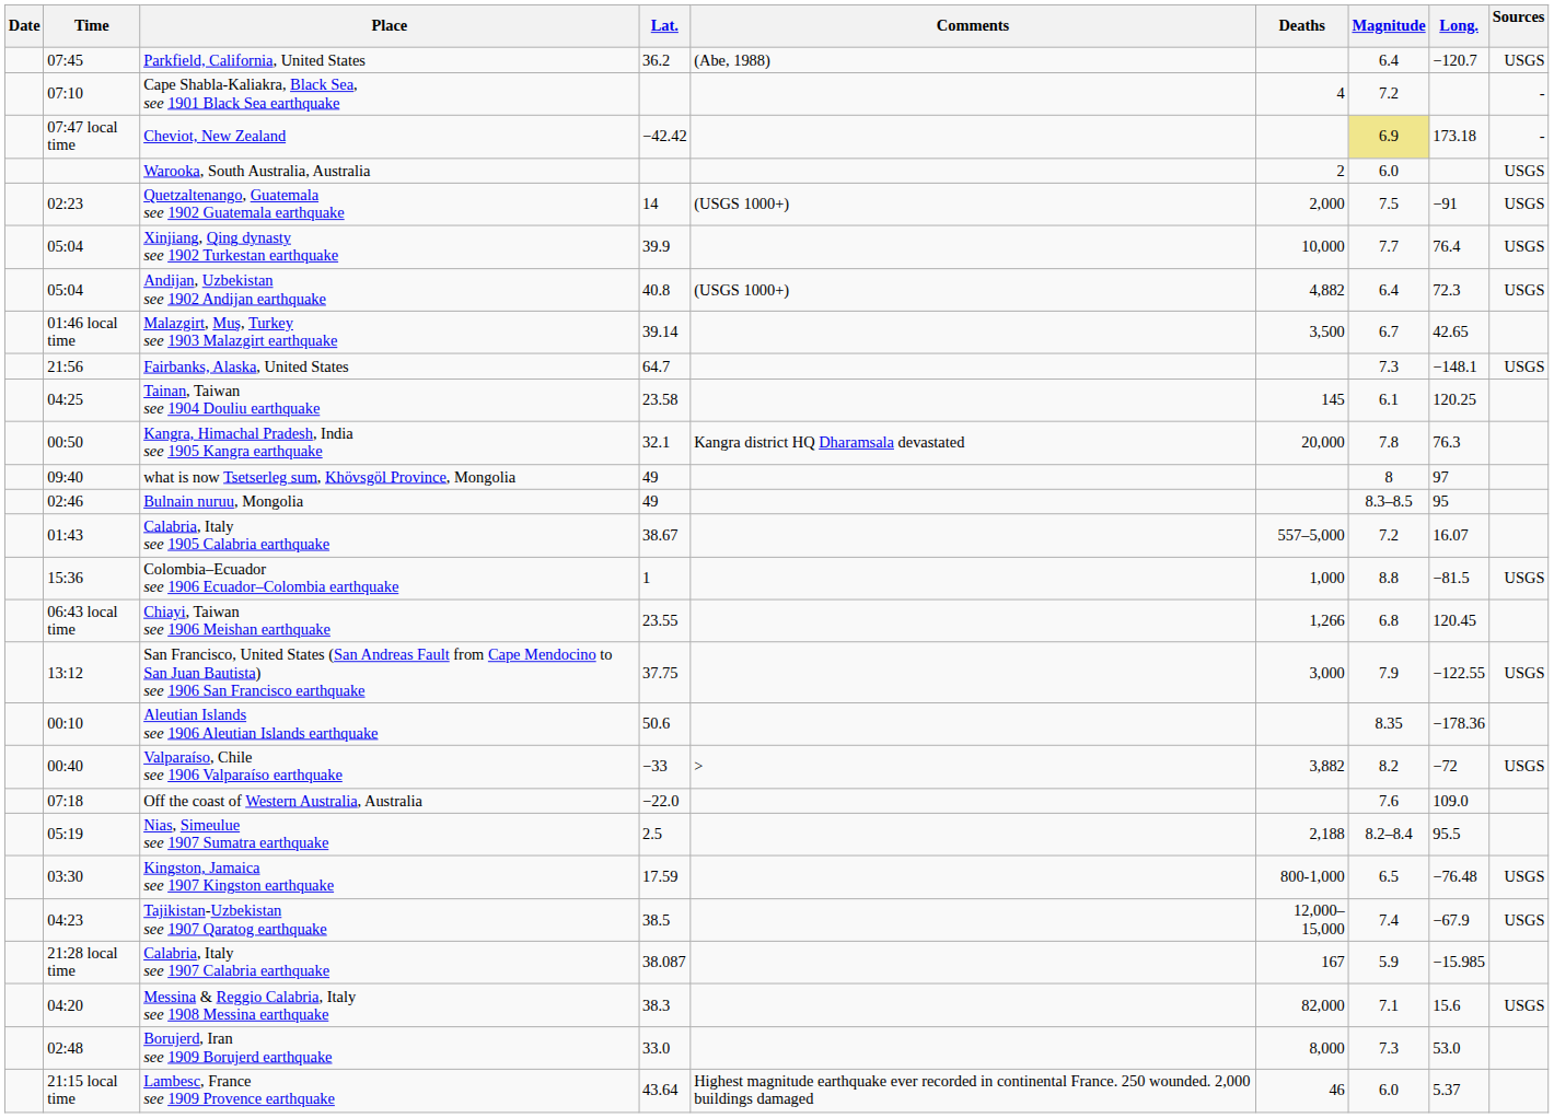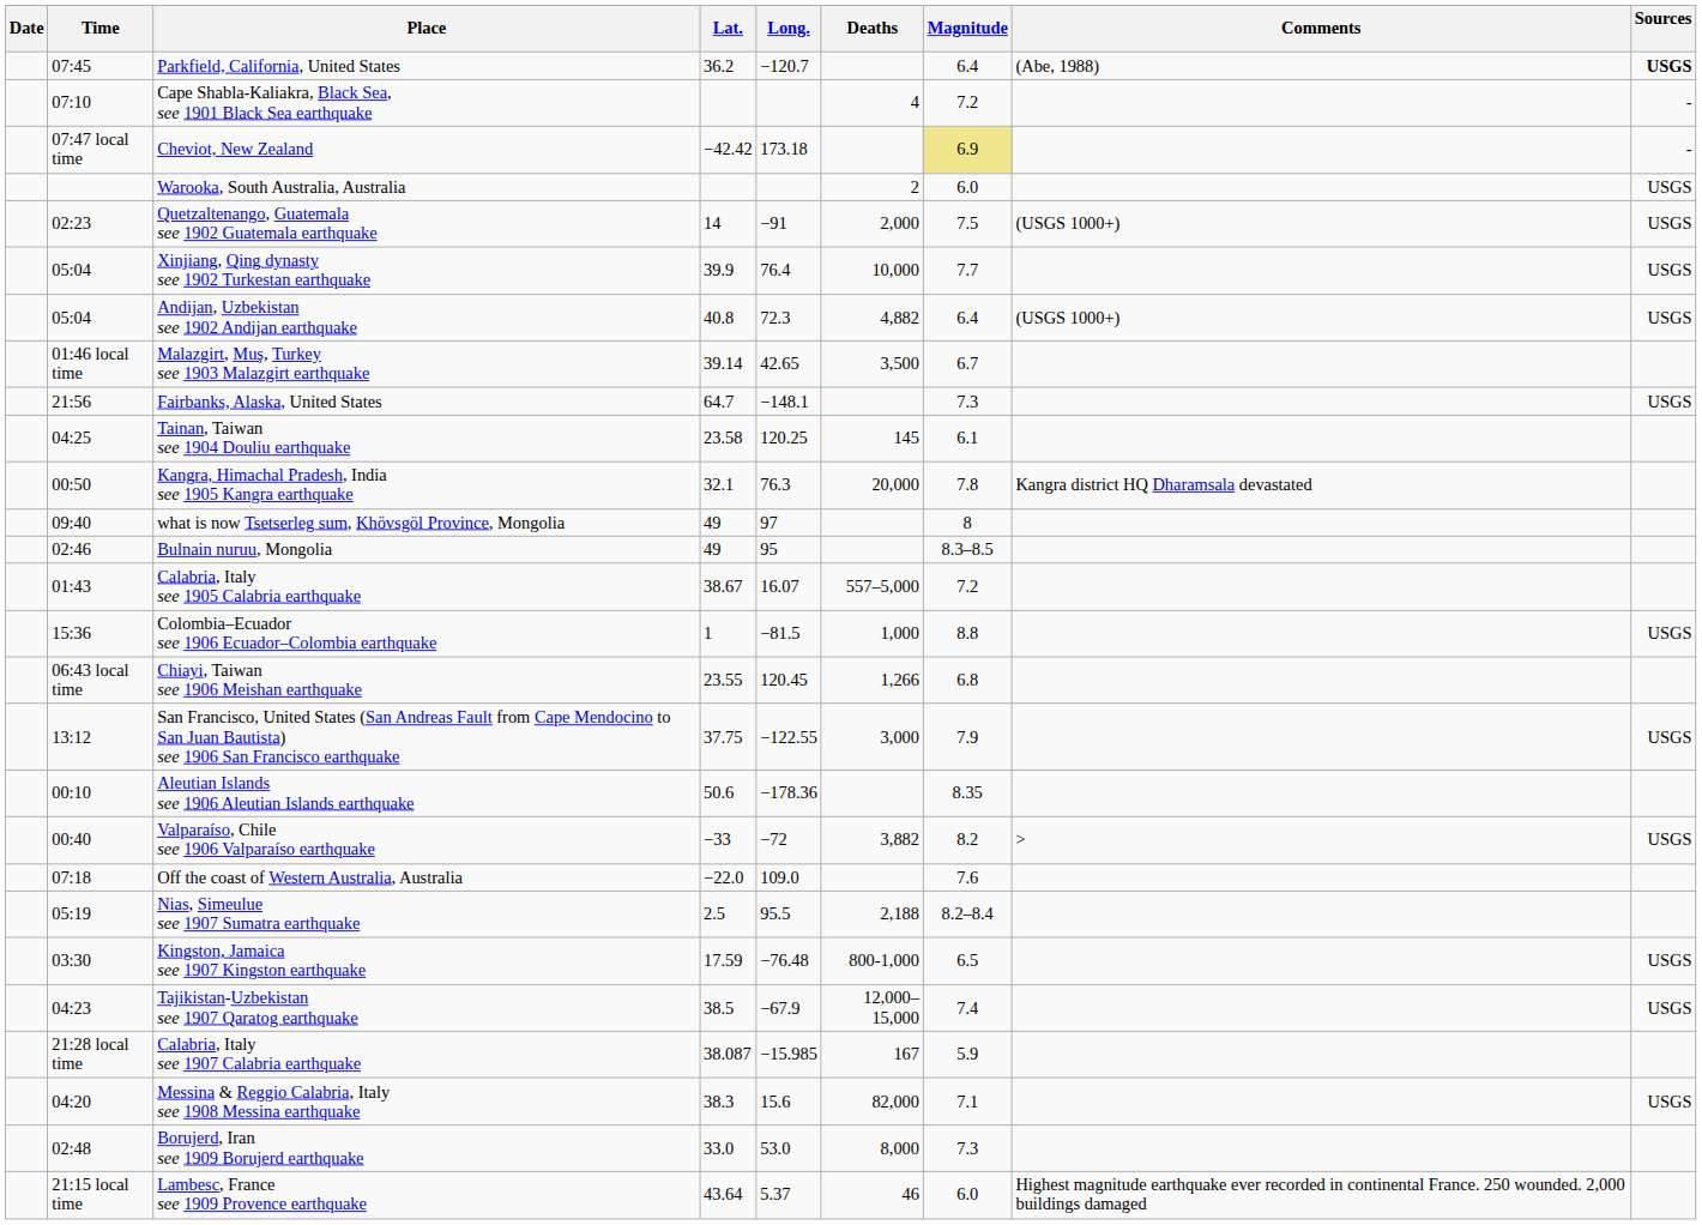 <table class="wikitable sortable">
 <tr>
 <th>Date</th>
 <th>Time</th>
 <th>Place</th>
 <th><a href='#'>Lat.</a></th>
-<th>Comments</th>
+<th><a href='#'>Long.</a></th>
 <th> Deaths <br></th>
 <th> <a href='#'>Magnitude</a> <br></th>
-<th><a href='#'>Long.</a></th>
+<th>Comments</th>
 <th>Sources <br> </th>
 </tr>
 <tr>
 <td></td>
 <td>07:45</td>
 <td><a href='#'>Parkfield, California</a>, United States</td>
 <td>36.2</td>
-<td> (Abe, 1988)</td>
+<td>−120.7</td>
 <td></td>
 <td align="center">6.4</td>
-<td>−120.7</td>
-<td align="right">USGS</td>
+<td> (Abe, 1988)</td>
+<td align="right"><strong>USGS</strong></td>
 </tr>
 <tr>
 <td></td>
 <td>07:10</td>
 <td>Cape Shabla-Kaliakra, <a href='#'>Black Sea</a>, <br><em>see</em> <a href='#'>1901 Black Sea earthquake</a></td>
 <td></td>
 <td></td>
 <td align="right">4</td>
 <td align="center">7.2</td>
 <td></td>
 <td align="right">-</td>
 </tr>
 <tr>
 <td></td>
 <td>07:47 local time</td>
 <td><a href='#'>Cheviot, New Zealand</a></td>
 <td>−42.42</td>
-<td></td>
+<td>173.18</td>
 <td></td>
 <td align="center" style="background: khaki;">6.9</td>
-<td>173.18</td>
+<td></td>
 <td align="right">-</td>
 </tr>
 <tr>
 <td></td>
 <td></td>
 <td><a href='#'>Warooka</a>, South Australia, Australia</td>
 <td></td>
 <td></td>
 <td align="right">2</td>
 <td align="center">6.0</td>
 <td></td>
 <td align="right">USGS</td>
 </tr>
 <tr>
 <td></td>
 <td>02:23</td>
 <td><a href='#'>Quetzaltenango</a>, <a href='#'>Guatemala</a><br><em>see</em> <a href='#'>1902 Guatemala earthquake</a></td>
 <td>14</td>
-<td> (USGS 1000+)</td>
+<td>−91</td>
 <td align="right">2,000</td>
 <td align="center">7.5</td>
-<td>−91</td>
+<td> (USGS 1000+)</td>
 <td align="right">USGS</td>
 </tr>
 <tr>
 <td></td>
 <td>05:04</td>
 <td><a href='#'>Xinjiang</a>, <a href='#'>Qing dynasty</a><br><em>see</em> <a href='#'>1902 Turkestan earthquake</a></td>
 <td>39.9</td>
-<td></td>
+<td>76.4</td>
 <td align="right">10,000</td>
 <td align="center">7.7</td>
-<td>76.4</td>
+<td></td>
 <td align="right">USGS</td>
 </tr>
 <tr>
 <td></td>
 <td>05:04</td>
 <td><a href='#'>Andijan</a>, <a href='#'>Uzbekistan</a><br><em>see</em> <a href='#'>1902 Andijan earthquake</a></td>
 <td>40.8</td>
-<td> (USGS 1000+)</td>
+<td>72.3</td>
 <td align="right">4,882</td>
 <td align="center">6.4</td>
-<td>72.3</td>
+<td> (USGS 1000+)</td>
 <td align="right">USGS</td>
 </tr>
 <tr>
 <td></td>
 <td>01:46 local time</td>
 <td><a href='#'>Malazgirt</a>, <a href='#'>Muş</a>, <a href='#'>Turkey</a><br><em>see</em> <a href='#'>1903 Malazgirt earthquake</a></td>
 <td>39.14</td>
-<td></td>
+<td>42.65</td>
 <td align="right">3,500</td>
 <td align="center">6.7</td>
-<td>42.65</td>
+<td></td>
 <td align="right"></td>
 </tr>
 <tr>
 <td></td>
 <td>21:56</td>
 <td><a href='#'>Fairbanks, Alaska</a>, United States</td>
 <td>64.7</td>
-<td></td>
+<td>−148.1</td>
 <td></td>
 <td align="center">7.3</td>
-<td>−148.1</td>
+<td></td>
 <td align="right">USGS</td>
 </tr>
 <tr>
 <td></td>
 <td>04:25</td>
 <td><a href='#'>Tainan</a>, Taiwan<br><em>see</em> <a href='#'>1904 Douliu earthquake</a></td>
 <td>23.58</td>
-<td></td>
+<td>120.25</td>
 <td align="right">145</td>
 <td align="center">6.1</td>
-<td>120.25</td>
+<td></td>
 <td></td>
 </tr>
 <tr>
 <td></td>
 <td>00:50</td>
 <td><a href='#'>Kangra, Himachal Pradesh</a>, India<br><em>see</em> <a href='#'>1905 Kangra earthquake</a></td>
 <td>32.1</td>
-<td>  Kangra district HQ <a href='#'>Dharamsala</a> devastated</td>
+<td>76.3</td>
 <td align="right">20,000</td>
 <td align="center">7.8</td>
-<td>76.3</td>
+<td>  Kangra district HQ <a href='#'>Dharamsala</a> devastated</td>
 <td align="right"></td>
 </tr>
 <tr>
 <td></td>
 <td>09:40</td>
 <td>what is now <a href='#'>Tsetserleg sum</a>, <a href='#'>Khövsgöl Province</a>, Mongolia</td>
 <td>49</td>
-<td></td>
+<td>97</td>
 <td></td>
 <td align="center">8</td>
-<td>97</td>
+<td></td>
 <td align="right"></td>
 </tr>
 <tr>
 <td></td>
 <td>02:46</td>
 <td><a href='#'>Bulnain nuruu</a>, Mongolia</td>
 <td>49</td>
-<td></td>
+<td>95</td>
 <td></td>
 <td align="center">8.3–8.5</td>
-<td>95</td>
+<td></td>
 <td align="right"></td>
 </tr>
 <tr>
 <td></td>
 <td>01:43</td>
 <td><a href='#'>Calabria</a>, Italy<br><em>see</em> <a href='#'>1905 Calabria earthquake</a></td>
 <td>38.67</td>
-<td></td>
+<td>16.07</td>
 <td align="right">557–5,000</td>
 <td align="center">7.2</td>
-<td>16.07</td>
+<td></td>
 <td align="right"></td>
 </tr>
 <tr>
 <td></td>
 <td>15:36</td>
 <td>Colombia–Ecuador<br><em>see</em> <a href='#'>1906 Ecuador–Colombia earthquake</a></td>
 <td>1</td>
-<td></td>
+<td>−81.5</td>
 <td align="right">1,000</td>
 <td align="center">8.8</td>
-<td>−81.5</td>
+<td></td>
 <td align="right">USGS</td>
 </tr>
 <tr>
 <td></td>
 <td>06:43 local time</td>
 <td><a href='#'>Chiayi</a>, Taiwan<br><em>see</em> <a href='#'>1906 Meishan earthquake</a></td>
 <td>23.55</td>
-<td></td>
+<td>120.45</td>
 <td align="right">1,266</td>
 <td align="center">6.8</td>
-<td>120.45</td>
+<td></td>
 <td></td>
 </tr>
 <tr>
 <td></td>
 <td>13:12</td>
 <td>San Francisco, United States (<a href='#'>San Andreas Fault</a> from <a href='#'>Cape Mendocino</a> to <a href='#'>San Juan Bautista</a>)<br><em>see</em> <a href='#'>1906 San Francisco earthquake</a></td>
 <td>37.75</td>
-<td></td>
+<td>−122.55</td>
 <td align="right">3,000</td>
 <td align="center">7.9</td>
-<td>−122.55</td>
+<td></td>
 <td align="right">USGS</td>
 </tr>
 <tr>
 <td></td>
 <td>00:10</td>
 <td><a href='#'>Aleutian Islands</a><br><em>see</em> <a href='#'>1906 Aleutian Islands earthquake</a></td>
 <td>50.6</td>
-<td></td>
+<td>−178.36</td>
 <td></td>
 <td align="center">8.35</td>
-<td>−178.36</td>
+<td></td>
 <td align="right"></td>
 </tr>
 <tr>
 <td></td>
 <td>00:40</td>
 <td><a href='#'>Valparaíso</a>, Chile<br><em>see</em> <a href='#'>1906 Valparaíso earthquake</a></td>
 <td>−33</td>
-<td>></td>
+<td>−72</td>
 <td align="right">3,882</td>
 <td align="center">8.2</td>
-<td>−72</td>
+<td>></td>
 <td align="right">USGS</td>
 </tr>
 <tr>
 <td></td>
 <td>07:18</td>
 <td>Off the coast of <a href='#'>Western Australia</a>, Australia</td>
 <td>−22.0</td>
-<td></td>
+<td>109.0</td>
 <td align="right"></td>
 <td align="center">7.6</td>
-<td>109.0</td>
+<td></td>
 <td></td>
 </tr>
 <tr>
 <td></td>
 <td>05:19</td>
 <td><a href='#'>Nias</a>, <a href='#'>Simeulue</a> <br> <em>see</em> <a href='#'>1907 Sumatra earthquake</a></td>
 <td>2.5</td>
-<td></td>
+<td>95.5</td>
 <td align="right">2,188</td>
 <td align="center">8.2–8.4</td>
-<td>95.5</td>
+<td></td>
 <td align="right"></td>
 </tr>
 <tr>
 <td></td>
 <td>03:30</td>
 <td><a href='#'>Kingston, Jamaica</a><br><em>see</em> <a href='#'>1907 Kingston earthquake</a></td>
 <td>17.59</td>
-<td></td>
+<td>−76.48</td>
 <td align="right">800-1,000</td>
 <td align="center">6.5</td>
-<td>−76.48</td>
+<td></td>
 <td align="right">USGS</td>
 </tr>
 <tr>
 <td></td>
 <td>04:23</td>
 <td><a href='#'>Tajikistan</a>-<a href='#'>Uzbekistan</a><br><em>see</em> <a href='#'>1907 Qaratog earthquake</a></td>
 <td>38.5</td>
-<td></td>
+<td>−67.9</td>
 <td align="right">12,000–15,000</td>
 <td align="center">7.4</td>
-<td>−67.9</td>
+<td></td>
 <td align="right">USGS</td>
 </tr>
 <tr>
 <td></td>
 <td>21:28 local time</td>
 <td><a href='#'>Calabria</a>, Italy<br><em>see</em> <a href='#'>1907 Calabria earthquake</a></td>
 <td>38.087</td>
-<td></td>
+<td>−15.985</td>
 <td align="right">167</td>
 <td align="center">5.9</td>
-<td>−15.985</td>
+<td></td>
 <td></td>
 </tr>
 <tr>
 <td></td>
 <td>04:20</td>
 <td><a href='#'>Messina</a> & <a href='#'>Reggio Calabria</a>, Italy <br> <em>see</em> <a href='#'>1908 Messina earthquake</a></td>
 <td>38.3</td>
-<td></td>
+<td>15.6</td>
 <td align="right">82,000</td>
 <td align="center">7.1</td>
-<td>15.6</td>
+<td></td>
 <td align="right">USGS</td>
 </tr>
 <tr>
 <td></td>
 <td>02:48</td>
 <td><a href='#'>Borujerd</a>, Iran<br><em>see</em> <a href='#'>1909 Borujerd earthquake</a></td>
 <td>33.0</td>
-<td></td>
+<td>53.0</td>
 <td align="right">8,000</td>
 <td align="center">7.3</td>
-<td>53.0</td>
+<td></td>
 <td></td>
 </tr>
 <tr>
 <td></td>
 <td>21:15 local time</td>
 <td><a href='#'>Lambesc</a>, France <br> <em>see</em> <a href='#'>1909 Provence earthquake</a></td>
 <td>43.64</td>
-<td> Highest magnitude earthquake ever recorded in continental France. 250 wounded. 2,000 buildings damaged</td>
+<td>5.37</td>
 <td align="right">46</td>
 <td align="center">6.0</td>
-<td>5.37</td>
+<td> Highest magnitude earthquake ever recorded in continental France. 250 wounded. 2,000 buildings damaged</td>
 <td align="right"></td>
 </tr>
 </table>
